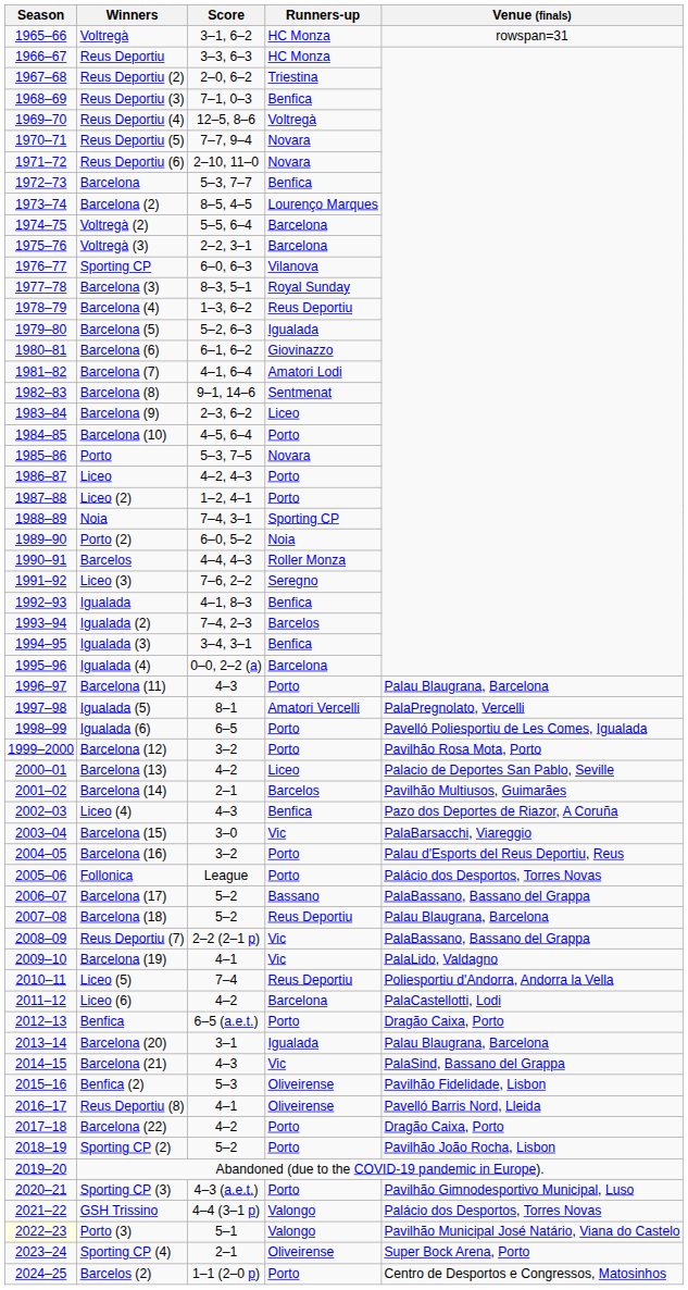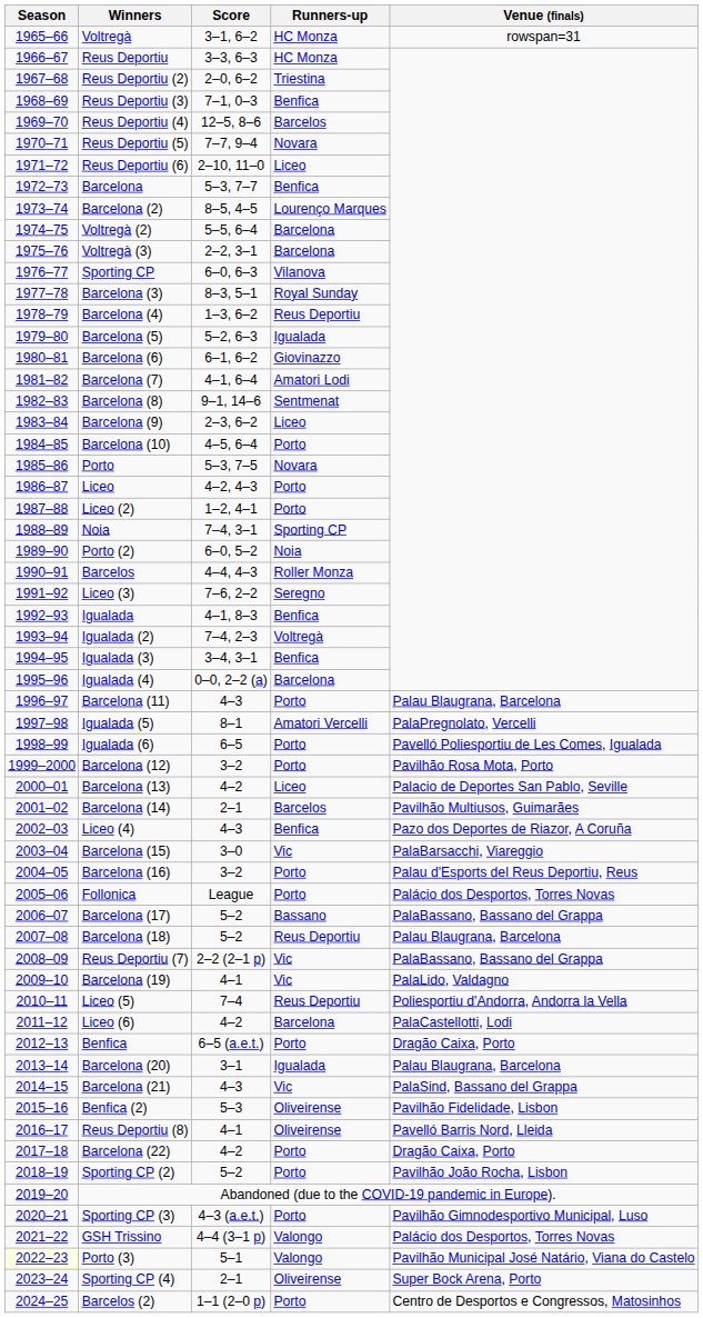 <table class="wikitable sortable plainrowheaders" style="text-align:center">
 <tr>
 <th scope="col">Season</th>
 <th scope="col">Winners</th>
 <th scope="col" class="unsortable">Score</th>
 <th scope="col">Runners-up</th>
 <th scope="col">Venue <small>(finals)</small></th>
 </tr>
 <tr>
 <td scope="row"><a href='#'>1965–66</a></td>
 <td align=left> <a href='#'>Voltregà</a></td>
 <td>3–1, 6–2</td>
 <td align=left> <a href='#'>HC Monza</a></td>
 <td>rowspan=31 </td>
 </tr>
 <tr>
 <td scope="row"><a href='#'>1966–67</a></td>
 <td align=left> <a href='#'>Reus Deportiu</a></td>
 <td>3–3, 6–3</td>
 <td align=left> <a href='#'>HC Monza</a></td>
 </tr>
 <tr>
 <td scope="row"><a href='#'>1967–68</a></td>
 <td align=left> <a href='#'>Reus Deportiu</a> (2)</td>
 <td>2–0, 6–2</td>
 <td align=left> <a href='#'>Triestina</a></td>
 </tr>
 <tr>
 <td scope="row"><a href='#'>1968–69</a></td>
 <td align=left> <a href='#'>Reus Deportiu</a> (3)</td>
 <td>7–1, 0–3</td>
 <td align=left> <a href='#'>Benfica</a></td>
 </tr>
 <tr>
 <td scope="row"><a href='#'>1969–70</a></td>
 <td align=left> <a href='#'>Reus Deportiu</a> (4)</td>
 <td>12–5, 8–6</td>
-<td align=left> <a href='#'>Voltregà</a></td>
+<td align=left> <a href='#'>Barcelos</a></td>
 </tr>
 <tr>
 <td scope="row"><a href='#'>1970–71</a></td>
 <td align=left> <a href='#'>Reus Deportiu</a> (5)</td>
 <td>7–7, 9–4</td>
 <td align=left> <a href='#'>Novara</a></td>
 </tr>
 <tr>
 <td scope="row"><a href='#'>1971–72</a></td>
 <td align=left> <a href='#'>Reus Deportiu</a> (6)</td>
 <td>2–10, 11–0</td>
-<td align=left> <a href='#'>Novara</a></td>
+<td align=left> <a href='#'>Liceo</a></td>
 </tr>
 <tr>
 <td scope="row"><a href='#'>1972–73</a></td>
 <td align=left> <a href='#'>Barcelona</a></td>
 <td>5–3, 7–7</td>
 <td align=left> <a href='#'>Benfica</a></td>
 </tr>
 <tr>
 <td scope="row"><a href='#'>1973–74</a></td>
 <td align=left> <a href='#'>Barcelona</a> (2)</td>
 <td>8–5, 4–5</td>
 <td align=left> <a href='#'>Lourenço Marques</a></td>
 </tr>
 <tr>
 <td scope="row"><a href='#'>1974–75</a></td>
 <td align=left> <a href='#'>Voltregà</a> (2)</td>
 <td>5–5, 6–4</td>
 <td align=left> <a href='#'>Barcelona</a></td>
 </tr>
 <tr>
 <td scope="row"><a href='#'>1975–76</a></td>
 <td align=left> <a href='#'>Voltregà</a> (3)</td>
 <td>2–2, 3–1</td>
 <td align=left> <a href='#'>Barcelona</a></td>
 </tr>
 <tr>
 <td scope="row"><a href='#'>1976–77</a></td>
 <td align=left> <a href='#'>Sporting CP</a></td>
 <td>6–0, 6–3</td>
 <td align=left> <a href='#'>Vilanova</a></td>
 </tr>
 <tr>
 <td scope="row"><a href='#'>1977–78</a></td>
 <td align=left> <a href='#'>Barcelona</a> (3)</td>
 <td>8–3, 5–1</td>
 <td align=left> <a href='#'>Royal Sunday</a></td>
 </tr>
 <tr>
 <td scope="row"><a href='#'>1978–79</a></td>
 <td align=left> <a href='#'>Barcelona</a> (4)</td>
 <td>1–3, 6–2</td>
 <td align=left> <a href='#'>Reus Deportiu</a></td>
 </tr>
 <tr>
 <td scope="row"><a href='#'>1979–80</a></td>
 <td align=left> <a href='#'>Barcelona</a> (5)</td>
 <td>5–2, 6–3</td>
 <td align=left> <a href='#'>Igualada</a></td>
 </tr>
 <tr>
 <td scope="row"><a href='#'>1980–81</a></td>
 <td align=left> <a href='#'>Barcelona</a> (6)</td>
 <td>6–1, 6–2</td>
 <td align=left> <a href='#'>Giovinazzo</a></td>
 </tr>
 <tr>
 <td scope="row"><a href='#'>1981–82</a></td>
 <td align=left> <a href='#'>Barcelona</a> (7)</td>
 <td>4–1, 6–4</td>
 <td align=left> <a href='#'>Amatori Lodi</a></td>
 </tr>
 <tr>
 <td scope="row"><a href='#'>1982–83</a></td>
 <td align=left> <a href='#'>Barcelona</a> (8)</td>
 <td>9–1, 14–6</td>
 <td align=left> <a href='#'>Sentmenat</a></td>
 </tr>
 <tr>
 <td scope="row"><a href='#'>1983–84</a></td>
 <td align=left> <a href='#'>Barcelona</a> (9)</td>
 <td>2–3, 6–2</td>
 <td align=left> <a href='#'>Liceo</a></td>
 </tr>
 <tr>
 <td scope="row"><a href='#'>1984–85</a></td>
 <td align=left> <a href='#'>Barcelona</a> (10)</td>
 <td>4–5, 6–4</td>
 <td align=left> <a href='#'>Porto</a></td>
 </tr>
 <tr>
 <td scope="row"><a href='#'>1985–86</a></td>
 <td align=left> <a href='#'>Porto</a></td>
 <td>5–3, 7–5</td>
 <td align=left> <a href='#'>Novara</a></td>
 </tr>
 <tr>
 <td scope="row"><a href='#'>1986–87</a></td>
 <td align=left> <a href='#'>Liceo</a></td>
 <td>4–2, 4–3</td>
 <td align=left> <a href='#'>Porto</a></td>
 </tr>
 <tr>
 <td scope="row"><a href='#'>1987–88</a></td>
 <td align=left> <a href='#'>Liceo</a> (2)</td>
 <td>1–2, 4–1</td>
 <td align=left> <a href='#'>Porto</a></td>
 </tr>
 <tr>
 <td scope="row"><a href='#'>1988–89</a></td>
 <td align=left> <a href='#'>Noia</a></td>
 <td>7–4, 3–1</td>
 <td align=left> <a href='#'>Sporting CP</a></td>
 </tr>
 <tr>
 <td scope="row"><a href='#'>1989–90</a></td>
 <td align=left> <a href='#'>Porto</a> (2)</td>
 <td>6–0, 5–2</td>
 <td align=left> <a href='#'>Noia</a></td>
 </tr>
 <tr>
 <td scope="row"><a href='#'>1990–91</a></td>
 <td align=left> <a href='#'>Barcelos</a></td>
 <td>4–4, 4–3</td>
 <td align=left> <a href='#'>Roller Monza</a></td>
 </tr>
 <tr>
 <td scope="row"><a href='#'>1991–92</a></td>
 <td align=left> <a href='#'>Liceo</a> (3)</td>
 <td>7–6, 2–2</td>
 <td align=left> <a href='#'>Seregno</a></td>
 </tr>
 <tr>
 <td scope="row"><a href='#'>1992–93</a></td>
 <td align=left> <a href='#'>Igualada</a></td>
 <td>4–1, 8–3</td>
 <td align=left> <a href='#'>Benfica</a></td>
 </tr>
 <tr>
 <td scope="row"><a href='#'>1993–94</a></td>
 <td align=left> <a href='#'>Igualada</a> (2)</td>
 <td>7–4, 2–3</td>
-<td align=left> <a href='#'>Barcelos</a></td>
+<td align=left> <a href='#'>Voltregà</a></td>
 </tr>
 <tr>
 <td scope="row"><a href='#'>1994–95</a></td>
 <td align=left> <a href='#'>Igualada</a> (3)</td>
 <td>3–4, 3–1</td>
 <td align=left> <a href='#'>Benfica</a></td>
 </tr>
 <tr>
 <td scope="row"><a href='#'>1995–96</a></td>
 <td align=left> <a href='#'>Igualada</a> (4)</td>
 <td>0–0, 2–2 (<a href='#'>a</a>)</td>
 <td align=left> <a href='#'>Barcelona</a></td>
 </tr>
 <tr>
 <td scope="row"><a href='#'>1996–97</a></td>
 <td align=left> <a href='#'>Barcelona</a> (11)</td>
 <td>4–3</td>
 <td align=left> <a href='#'>Porto</a></td>
 <td align=left> <a href='#'>Palau Blaugrana</a>, <a href='#'>Barcelona</a></td>
 </tr>
 <tr>
 <td scope="row"><a href='#'>1997–98</a></td>
 <td align=left> <a href='#'>Igualada</a> (5)</td>
 <td>8–1</td>
 <td align=left> <a href='#'>Amatori Vercelli</a></td>
 <td align=left> <a href='#'>PalaPregnolato</a>, <a href='#'>Vercelli</a></td>
 </tr>
 <tr>
 <td scope="row"><a href='#'>1998–99</a></td>
 <td align=left> <a href='#'>Igualada</a> (6)</td>
 <td>6–5</td>
 <td align=left> <a href='#'>Porto</a></td>
 <td align=left> <a href='#'>Pavelló Poliesportiu de Les Comes</a>, <a href='#'>Igualada</a></td>
 </tr>
 <tr>
 <td scope="row"><a href='#'>1999–2000</a></td>
 <td align=left> <a href='#'>Barcelona</a> (12)</td>
 <td>3–2</td>
 <td align=left> <a href='#'>Porto</a></td>
 <td align=left> <a href='#'>Pavilhão Rosa Mota</a>, <a href='#'>Porto</a></td>
 </tr>
 <tr>
 <td scope="row"><a href='#'>2000–01</a></td>
 <td align=left> <a href='#'>Barcelona</a> (13)</td>
 <td>4–2</td>
 <td align=left> <a href='#'>Liceo</a></td>
 <td align=left> <a href='#'>Palacio de Deportes San Pablo</a>, <a href='#'>Seville</a></td>
 </tr>
 <tr>
 <td scope="row"><a href='#'>2001–02</a></td>
 <td align=left> <a href='#'>Barcelona</a> (14)</td>
 <td>2–1</td>
 <td align=left> <a href='#'>Barcelos</a></td>
 <td align=left> <a href='#'>Pavilhão Multiusos</a>, <a href='#'>Guimarães</a></td>
 </tr>
 <tr>
 <td scope="row"><a href='#'>2002–03</a></td>
 <td align=left> <a href='#'>Liceo</a> (4)</td>
 <td>4–3</td>
 <td align=left> <a href='#'>Benfica</a></td>
 <td align=left> <a href='#'>Pazo dos Deportes de Riazor</a>, <a href='#'>A Coruña</a></td>
 </tr>
 <tr>
 <td scope="row"><a href='#'>2003–04</a></td>
 <td align=left> <a href='#'>Barcelona</a> (15)</td>
 <td>3–0</td>
 <td align=left> <a href='#'>Vic</a></td>
 <td align=left> <a href='#'>PalaBarsacchi</a>, <a href='#'>Viareggio</a></td>
 </tr>
 <tr>
 <td scope="row"><a href='#'>2004–05</a></td>
 <td align=left> <a href='#'>Barcelona</a> (16)</td>
 <td>3–2</td>
 <td align=left> <a href='#'>Porto</a></td>
 <td align=left> <a href='#'>Palau d'Esports del Reus Deportiu</a>, <a href='#'>Reus</a></td>
 </tr>
 <tr>
 <td scope="row"><a href='#'>2005–06</a></td>
 <td align=left> <a href='#'>Follonica</a></td>
 <td>League</td>
 <td align=left> <a href='#'>Porto</a></td>
 <td align=left> <a href='#'>Palácio dos Desportos</a>, <a href='#'>Torres Novas</a></td>
 </tr>
 <tr>
 <td scope="row"><a href='#'>2006–07</a></td>
 <td align=left> <a href='#'>Barcelona</a> (17)</td>
 <td>5–2</td>
 <td align=left> <a href='#'>Bassano</a></td>
 <td align=left> <a href='#'>PalaBassano</a>, <a href='#'>Bassano del Grappa</a></td>
 </tr>
 <tr>
 <td scope="row"><a href='#'>2007–08</a></td>
 <td align=left> <a href='#'>Barcelona</a> (18)</td>
 <td>5–2</td>
 <td align=left> <a href='#'>Reus Deportiu</a></td>
 <td align=left> <a href='#'>Palau Blaugrana</a>, <a href='#'>Barcelona</a></td>
 </tr>
 <tr>
 <td scope="row"><a href='#'>2008–09</a></td>
 <td align=left> <a href='#'>Reus Deportiu</a> (7)</td>
 <td>2–2 (2–1 <a href='#'>p</a>)</td>
 <td align=left> <a href='#'>Vic</a></td>
 <td align=left> <a href='#'>PalaBassano</a>, <a href='#'>Bassano del Grappa</a></td>
 </tr>
 <tr>
 <td scope="row"><a href='#'>2009–10</a></td>
 <td align=left> <a href='#'>Barcelona</a> (19)</td>
 <td>4–1</td>
 <td align=left> <a href='#'>Vic</a></td>
 <td align=left> <a href='#'>PalaLido</a>, <a href='#'>Valdagno</a></td>
 </tr>
 <tr>
 <td scope="row"><a href='#'>2010–11</a></td>
 <td align=left> <a href='#'>Liceo</a> (5)</td>
 <td>7–4</td>
 <td align=left> <a href='#'>Reus Deportiu</a></td>
 <td align=left> <a href='#'>Poliesportiu d'Andorra</a>, <a href='#'>Andorra la Vella</a></td>
 </tr>
 <tr>
 <td scope="row"><a href='#'>2011–12</a></td>
 <td align=left> <a href='#'>Liceo</a> (6)</td>
 <td>4–2</td>
 <td align=left> <a href='#'>Barcelona</a></td>
 <td align=left> <a href='#'>PalaCastellotti</a>, <a href='#'>Lodi</a></td>
 </tr>
 <tr>
 <td scope="row"><a href='#'>2012–13</a></td>
 <td align=left> <a href='#'>Benfica</a></td>
 <td>6–5 (<a href='#'>a.e.t.</a>)</td>
 <td align=left> <a href='#'>Porto</a></td>
 <td align=left> <a href='#'>Dragão Caixa</a>, <a href='#'>Porto</a></td>
 </tr>
 <tr>
 <td scope="row"><a href='#'>2013–14</a></td>
 <td align=left> <a href='#'>Barcelona</a> (20)</td>
 <td>3–1</td>
 <td align=left> <a href='#'>Igualada</a></td>
 <td align=left> <a href='#'>Palau Blaugrana</a>, <a href='#'>Barcelona</a></td>
 </tr>
 <tr>
 <td scope="row"><a href='#'>2014–15</a></td>
 <td align=left> <a href='#'>Barcelona</a> (21)</td>
 <td>4–3</td>
 <td align=left> <a href='#'>Vic</a></td>
 <td align=left> <a href='#'>PalaSind</a>, <a href='#'>Bassano del Grappa</a></td>
 </tr>
 <tr>
 <td scope="row"><a href='#'>2015–16</a></td>
 <td align=left>  <a href='#'>Benfica</a> (2)</td>
 <td>5–3</td>
 <td align=left> <a href='#'>Oliveirense</a></td>
 <td align=left> <a href='#'>Pavilhão Fidelidade</a>, <a href='#'>Lisbon</a></td>
 </tr>
 <tr>
 <td scope="row"><a href='#'>2016–17</a></td>
 <td align=left> <a href='#'>Reus Deportiu</a> (8)</td>
 <td>4–1</td>
 <td align=left> <a href='#'>Oliveirense</a></td>
 <td align=left> <a href='#'>Pavelló Barris Nord</a>, <a href='#'>Lleida</a></td>
 </tr>
 <tr>
 <td scope="row"><a href='#'>2017–18</a></td>
 <td align=left> <a href='#'>Barcelona</a> (22)</td>
 <td>4–2</td>
 <td align=left> <a href='#'>Porto</a></td>
 <td align=left> <a href='#'>Dragão Caixa</a>, <a href='#'>Porto</a></td>
 </tr>
 <tr>
 <td scope="row"><a href='#'>2018–19</a></td>
 <td align=left> <a href='#'>Sporting CP</a> (2)</td>
 <td>5–2</td>
 <td align=left> <a href='#'>Porto</a></td>
 <td align=left> <a href='#'>Pavilhão João Rocha</a>, <a href='#'>Lisbon</a></td>
 </tr>
 <tr>
 <td scope="row"><a href='#'>2019–20</a></td>
 <td colspan=4>Abandoned (due to the <a href='#'>COVID-19 pandemic in Europe</a>).</td>
 </tr>
 <tr>
 <td scope="row"><a href='#'>2020–21</a></td>
 <td align=left> <a href='#'>Sporting CP</a> (3)</td>
 <td>4–3 (<a href='#'>a.e.t.</a>)</td>
 <td align=left> <a href='#'>Porto</a></td>
 <td align=left> <a href='#'>Pavilhão Gimnodesportivo Municipal</a>, <a href='#'>Luso</a></td>
 </tr>
 <tr>
 <td scope="row"><a href='#'>2021–22</a></td>
 <td align=left> <a href='#'>GSH Trissino</a></td>
 <td>4–4 (3–1 <a href='#'>p</a>)</td>
 <td align=left> <a href='#'>Valongo</a></td>
 <td align=left> <a href='#'>Palácio dos Desportos</a>, <a href='#'>Torres Novas</a></td>
 </tr>
 <tr>
 <td scope="row" style="background: lightyellow;"><a href='#'>2022–23</a></td>
 <td align=left> <a href='#'>Porto</a> (3)</td>
 <td>5–1</td>
 <td align=left> <a href='#'>Valongo</a></td>
 <td align=left> <a href='#'>Pavilhão Municipal José Natário</a>, <a href='#'>Viana do Castelo</a></td>
 </tr>
 <tr>
 <td scope="row"><a href='#'>2023–24</a></td>
 <td align=left> <a href='#'>Sporting CP</a> (4)</td>
 <td>2–1</td>
 <td align=left> <a href='#'>Oliveirense</a></td>
 <td align=left> <a href='#'>Super Bock Arena</a>, <a href='#'>Porto</a></td>
 </tr>
 <tr>
 <td scope="row"><a href='#'>2024–25</a></td>
 <td align="left"> <a href='#'>Barcelos</a> (2)</td>
 <td>1–1 (2–0 <a href='#'>p</a>)</td>
 <td align="left"> <a href='#'>Porto</a></td>
 <td align="left"> Centro de Desportos e Congressos, <a href='#'>Matosinhos</a></td>
 </tr>
 </table>
